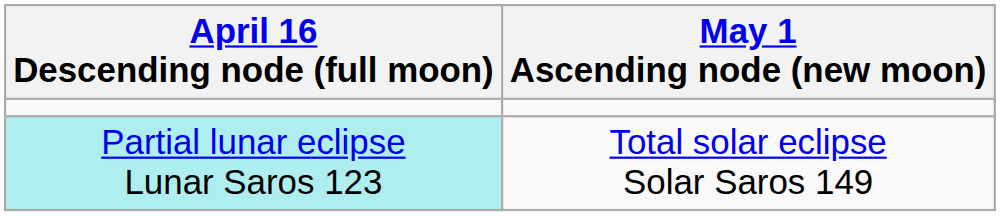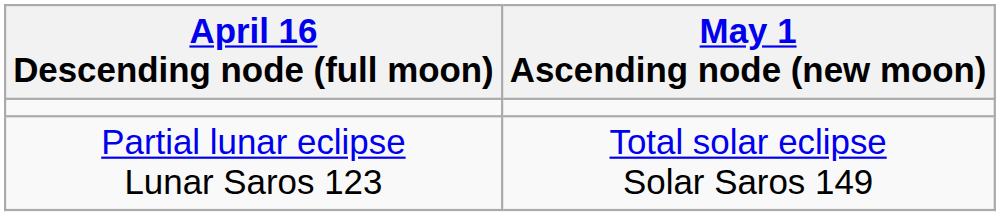 <table class="wikitable">
 <tr>
 <th><a href='#'>April 16</a><br>Descending node (full moon)<br></th>
 <th><a href='#'>May 1</a><br>Ascending node (new moon)<br></th>
 </tr>
 <tr>
 <td></td>
 <td></td>
 </tr>
 <tr align=center>
-<td style="background: paleturquoise;"><a href='#'>Partial lunar eclipse</a><br>Lunar Saros 123</td>
+<td><a href='#'>Partial lunar eclipse</a><br>Lunar Saros 123</td>
 <td><a href='#'>Total solar eclipse</a><br>Solar Saros 149</td>
 </tr>
 </table>
